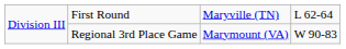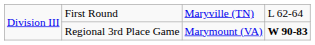 <table class="wikitable">
 <tr>
 <td rowspan="2"><a href='#'>Division III</a></td>
 <td>First Round</td>
 <td><a href='#'>Maryville (TN)</a></td>
 <td>L 62-64</td>
 </tr>
 <tr>
 <td>Regional 3rd Place Game</td>
 <td><a href='#'>Marymount (VA)</a></td>
-<td>W 90-83</td>
+<td><strong>W 90-83</strong></td>
 </tr>
 </table>
